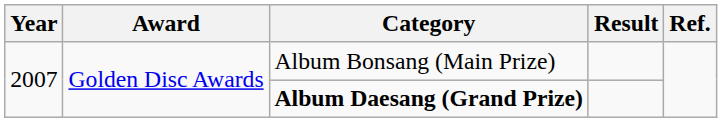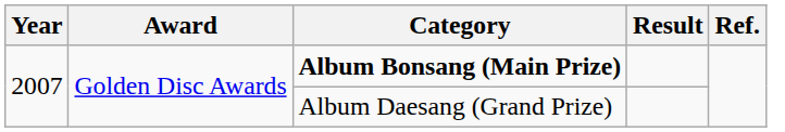 <table class="wikitable plainrowheaders">
 <tr>
 <th>Year</th>
 <th>Award</th>
 <th>Category</th>
 <th>Result</th>
 <th>Ref.</th>
 </tr>
 <tr>
 <td rowspan="2">2007</td>
 <td rowspan="2"><a href='#'>Golden Disc Awards</a></td>
-<td>Album Bonsang (Main Prize)</td>
+<td><strong>Album Bonsang (Main Prize)</strong></td>
 <td></td>
 <td rowspan="2" style="text-align:center;"></td>
 </tr>
 <tr>
-<td><strong>Album Daesang (Grand Prize)</strong></td>
+<td>Album Daesang (Grand Prize)</td>
 <td></td>
 </tr>
 </table>
